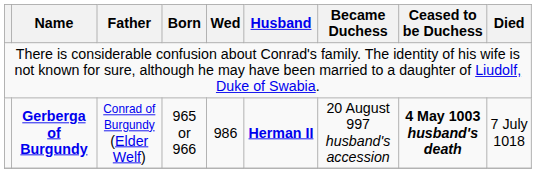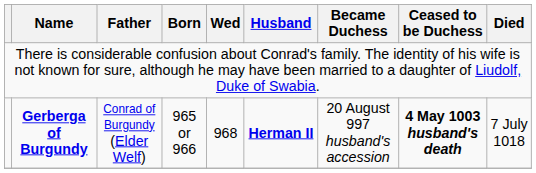 <table width=95% class="wikitable" style="text-align:center">
 <tr>
 <th></th>
 <th>Name</th>
 <th>Father</th>
 <th>Born</th>
 <th>Wed</th>
 <th><a href='#'>Husband</a></th>
 <th>Became Duchess</th>
 <th>Ceased to be Duchess</th>
 <th>Died</th>
 </tr>
 <tr>
 <td colspan="9">There is considerable confusion about Conrad's family. The identity of his wife is not known for sure, although he may have been married to a daughter of <a href='#'>Liudolf, Duke of Swabia</a>.</td>
 </tr>
 <tr>
 <td></td>
 <td><strong><a href='#'>Gerberga of Burgundy</a></strong></td>
 <td><small><a href='#'>Conrad of Burgundy</a></small><br>(<a href='#'>Elder Welf</a>)</td>
 <td>965 or 966</td>
-<td>986</td>
+<td>968</td>
 <td><strong><a href='#'>Herman II</a></strong></td>
 <td>20 August 997<br><em>husband's accession</em></td>
 <td><strong>4 May 1003<br><em>husband's death</em></strong></td>
 <td>7 July 1018</td>
 </tr>
 <tr>
 </tr>
 </table>
